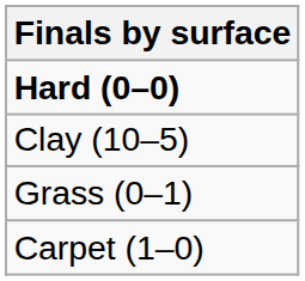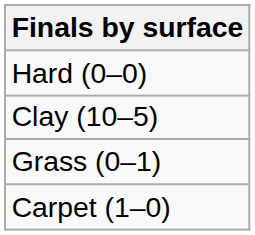 <table class=wikitable style=font-size:90%>
 <tr>
 <th>Finals by surface</th>
 </tr>
 <tr>
-<td><strong>Hard (0–0)</strong></td>
+<td>Hard (0–0)</td>
 </tr>
 <tr>
 <td>Clay (10–5)</td>
 </tr>
 <tr>
 <td>Grass (0–1)</td>
 </tr>
 <tr>
 <td>Carpet (1–0)</td>
 </tr>
 </table>
